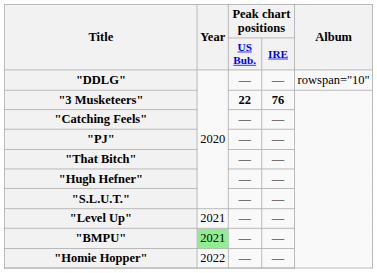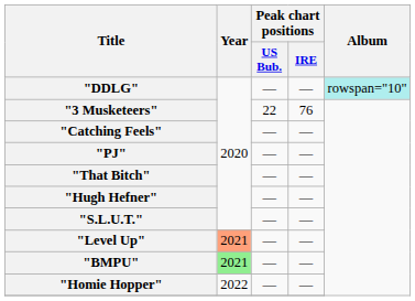 <table class="wikitable plainrowheaders" style="text-align:center;">
 <tr>
 <th rowspan="2" scope="col" style="width:15em;">Title</th>
 <th rowspan="2" scope="col">Year</th>
 <th colspan="2">Peak chart positions</th>
 <th rowspan="2">Album</th>
 </tr>
 <tr>
 <th scope="col" style="width:2.5em;font-size:90%;"><a href='#'>US<br>Bub.</a><br></th>
 <th scope="col" style="width:2.5em;font-size:90%;"><a href='#'>IRE</a><br></th>
 </tr>
 <tr>
 <th scope="row">"DDLG"</th>
 <td rowspan="7">2020</td>
 <td>—</td>
 <td>—</td>
-<td>rowspan="10" </td>
+<td style="background: paleturquoise;">rowspan="10" </td>
 </tr>
 <tr>
 <th scope="row">"3 Musketeers"<br></th>
-<td><strong>22</strong></td>
-<td><strong>76</strong></td>
+<td>22</td>
+<td>76</td>
 </tr>
 <tr>
 <th scope="row">"Catching Feels"</th>
 <td>—</td>
 <td>—</td>
 </tr>
 <tr>
 <th scope="row">"PJ"</th>
 <td>—</td>
 <td>—</td>
 </tr>
 <tr>
 <th scope="row">"That Bitch"<br></th>
 <td>—</td>
 <td>—</td>
 </tr>
 <tr>
 <th scope="row">"Hugh Hefner"</th>
 <td>—</td>
 <td>—</td>
 </tr>
 <tr>
 <th scope="row">"S.L.U.T."</th>
 <td>—</td>
 <td>—</td>
 </tr>
 <tr>
 <th scope="row">"Level Up"</th>
-<td>2021</td>
+<td style="background: lightsalmon;">2021</td>
 <td>—</td>
 <td>—</td>
 </tr>
 <tr>
 <th scope="row">"BMPU"</th>
 <td style="background: lightgreen;">2021</td>
 <td>—</td>
 <td>—</td>
 </tr>
 <tr>
 <th scope="row">"Homie Hopper"</th>
 <td>2022</td>
 <td>—</td>
 <td>—</td>
 </tr>
 <tr>
 </tr>
 </table>
